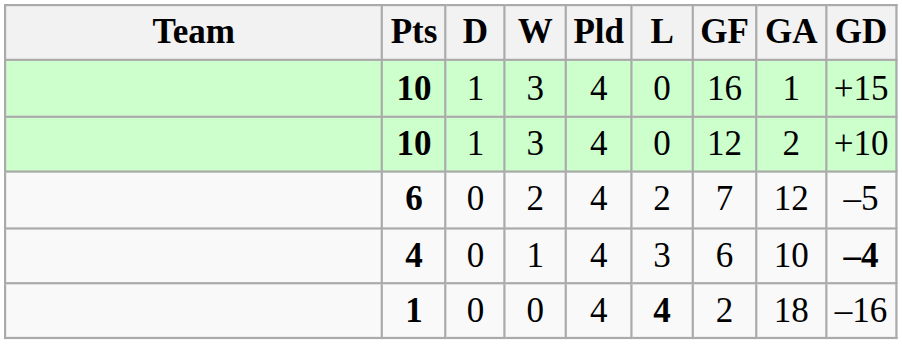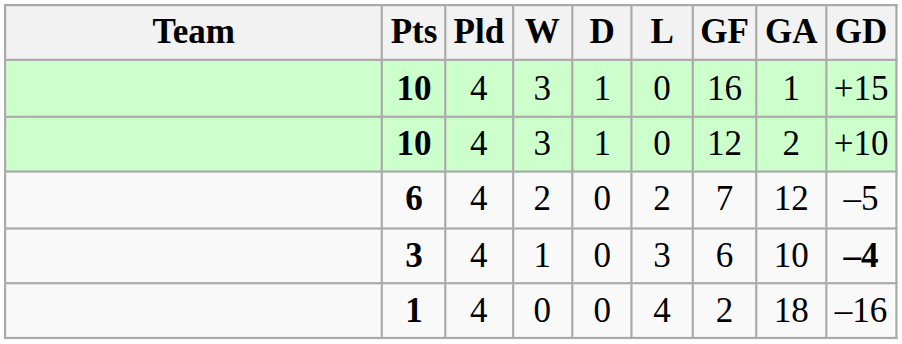 <table class=wikitable style="text-align:center">
 <tr>
 <th width=165>Team</th>
 <th width=20>Pts</th>
+<th width=20>Pld</th>
+<th width=20>W</th>
 <th width=20>D</th>
-<th width=20>W</th>
-<th width=20>Pld</th>
 <th width=20>L</th>
 <th width=20>GF</th>
 <th width=20>GA</th>
 <th width=20>GD</th>
 </tr>
 <tr align=center style="background:#ccffcc;">
 <td style="text-align:left;"></td>
 <td><strong>10</strong></td>
+<td>4</td>
+<td>3</td>
 <td>1</td>
-<td>3</td>
-<td>4</td>
 <td>0</td>
 <td>16</td>
 <td>1</td>
 <td>+15</td>
 </tr>
 <tr align=center style="background:#ccffcc;">
 <td style="text-align:left;"></td>
 <td><strong>10</strong></td>
+<td>4</td>
+<td>3</td>
 <td>1</td>
-<td>3</td>
-<td>4</td>
 <td>0</td>
 <td>12</td>
 <td>2</td>
 <td>+10</td>
 </tr>
 <tr align=center>
 <td style="text-align:left;"></td>
 <td><strong>6</strong></td>
+<td>4</td>
+<td>2</td>
 <td>0</td>
-<td>2</td>
-<td>4</td>
 <td>2</td>
 <td>7</td>
 <td>12</td>
 <td>–5</td>
 </tr>
 <tr align=center>
 <td style="text-align:left;"></td>
-<td><strong>4</strong></td>
+<td><strong>3</strong></td>
+<td>4</td>
+<td>1</td>
 <td>0</td>
-<td>1</td>
-<td>4</td>
 <td>3</td>
 <td>6</td>
 <td>10</td>
 <td><strong>–4</strong></td>
 </tr>
 <tr align=center>
 <td style="text-align:left;"></td>
 <td><strong>1</strong></td>
+<td>4</td>
 <td>0</td>
 <td>0</td>
 <td>4</td>
-<td><strong>4</strong></td>
 <td>2</td>
 <td>18</td>
 <td>–16</td>
 </tr>
 </table>
